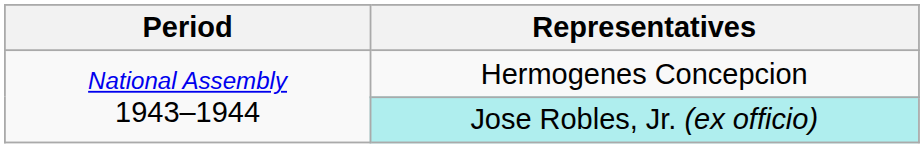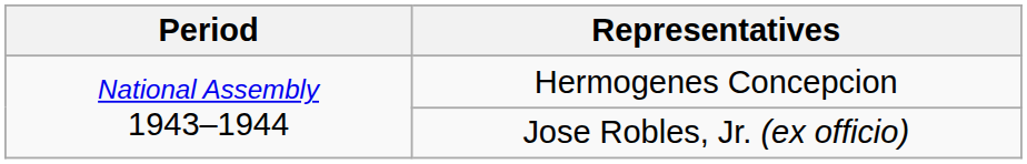 <table class="wikitable" style="text-align:center; width:40%;">
 <tr>
 <th width="40%">Period</th>
 <th>Representatives</th>
 </tr>
 <tr>
 <td rowspan="2"><small><a href='#'><em>National Assembly</em></a></small><br>1943–1944</td>
 <td>Hermogenes Concepcion</td>
 </tr>
 <tr>
-<td style="background: paleturquoise;">Jose Robles, Jr. <em>(ex officio)</em></td>
+<td>Jose Robles, Jr. <em>(ex officio)</em></td>
 </tr>
 </table>
